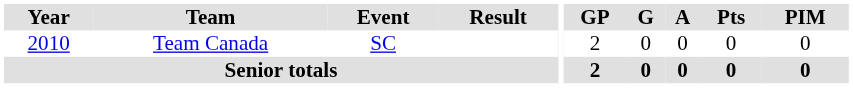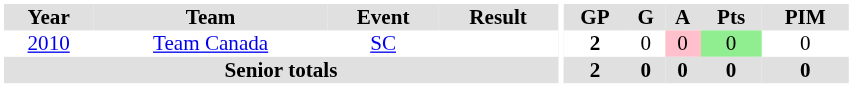 <table border="0" cellpadding="1" cellspacing="0" ID="Table3" style="text-align:center; width:40em">
 <tr ALIGN="center" bgcolor="#e0e0e0">
 <th>Year</th>
 <th>Team</th>
 <th>Event</th>
 <th>Result</th>
 <th rowspan="99" bgcolor="#ffffff"></th>
 <th>GP</th>
 <th>G</th>
 <th>A</th>
 <th>Pts</th>
 <th>PIM</th>
 </tr>
 <tr>
 <td><a href='#'>2010</a></td>
 <td><a href='#'>Team Canada</a></td>
 <td><a href='#'>SC</a></td>
 <td></td>
-<td>2</td>
+<td><strong>2</strong></td>
 <td>0</td>
-<td>0</td>
-<td>0</td>
+<td style="background: pink;">0</td>
+<td style="background: lightgreen;">0</td>
 <td>0</td>
 </tr>
 <tr bgcolor="#e0e0e0">
 <th colspan="4">Senior totals</th>
 <th>2</th>
 <th>0</th>
 <th>0</th>
 <th>0</th>
 <th>0</th>
 </tr>
 </table>
